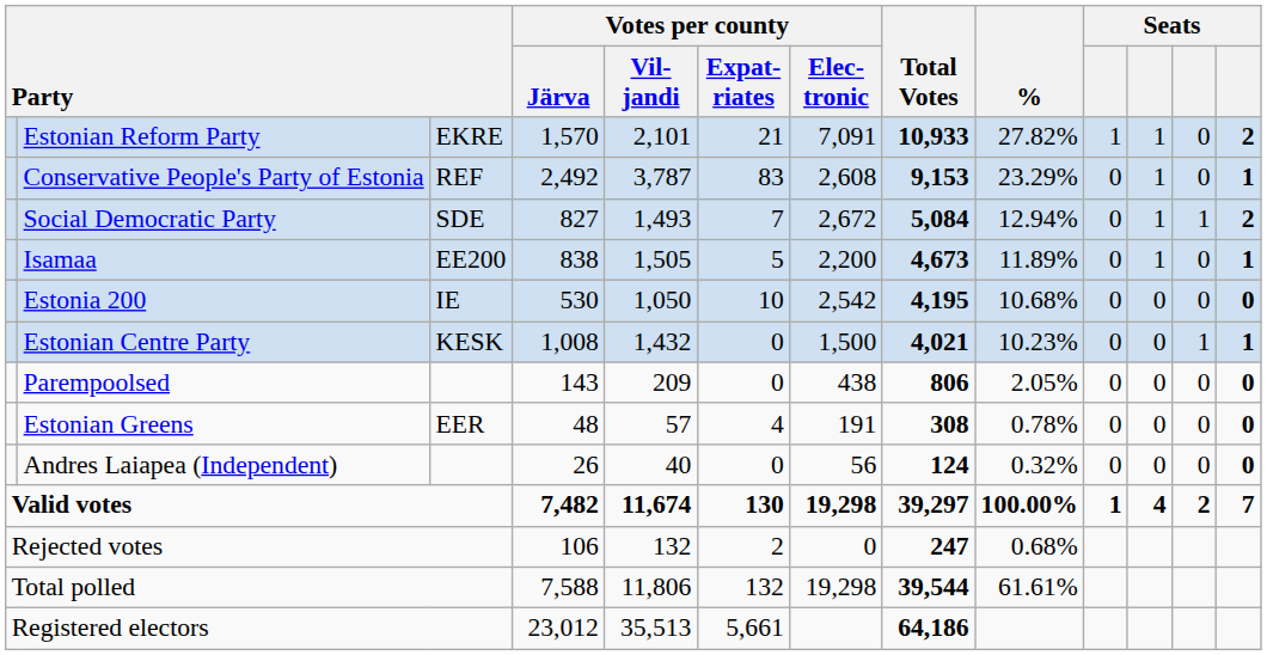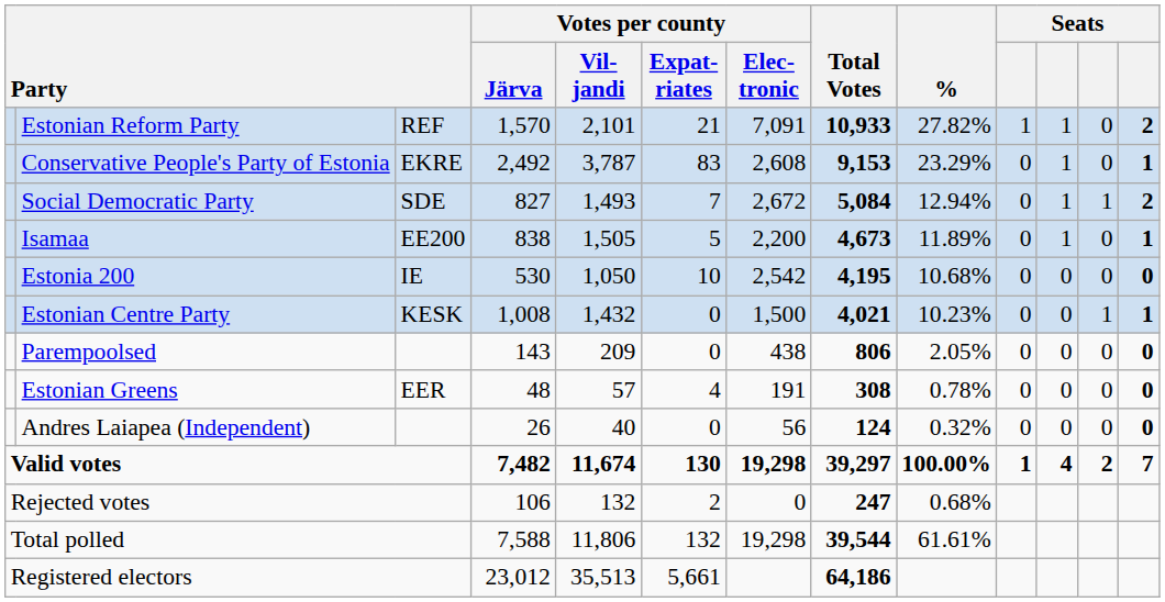 <table class="wikitable" border="1" style="text-align:right;">
 <tr>
 <th style="text-align:left;" valign=bottom rowspan=2 colspan=3>Party</th>
 <th colspan=4>Votes per county</th>
 <th align=center valign=bottom rowspan=2 width="50">Total Votes</th>
 <th align=center valign=bottom rowspan=2 width="50">%</th>
 <th colspan=4>Seats</th>
 </tr>
 <tr>
 <th align=center valign=bottom width="50"><a href='#'>Järva</a></th>
 <th align=center valign=bottom width="50"><a href='#'>Vil- jandi</a></th>
 <th align=center valign=bottom width="50"><a href='#'>Expat- riates</a></th>
 <th align=center valign=bottom width="50"><a href='#'>Elec- tronic</a></th>
 <th align=center valign=bottom width="20"><small></small></th>
 <th align=center valign=bottom width="20"><small></small></th>
 <th align=center valign=bottom width="20"><small></small></th>
 <th align=center valign=bottom width="20"><small></small></th>
 </tr>
 <tr style="background:#CEE0F2;">
 <td style="background:"></td>
 <td align=left><a href='#'>Estonian Reform Party</a></td>
-<td align=left>EKRE</td>
+<td align=left>REF</td>
 <td>1,570</td>
 <td>2,101</td>
 <td>21</td>
 <td>7,091</td>
 <td><strong>10,933</strong></td>
 <td>27.82%</td>
 <td>1</td>
 <td>1</td>
 <td>0</td>
 <td><strong>2</strong></td>
 </tr>
 <tr style="background:#CEE0F2;">
 <td style="background:"></td>
 <td align=left><a href='#'>Conservative People's Party of Estonia</a></td>
-<td align=left>REF</td>
+<td align=left>EKRE</td>
 <td>2,492</td>
 <td>3,787</td>
 <td>83</td>
 <td>2,608</td>
 <td><strong>9,153</strong></td>
 <td>23.29%</td>
 <td>0</td>
 <td>1</td>
 <td>0</td>
 <td><strong>1</strong></td>
 </tr>
 <tr style="background:#CEE0F2;">
 <td style="background:"></td>
 <td align=left><a href='#'>Social Democratic Party</a></td>
 <td align=left>SDE</td>
 <td>827</td>
 <td>1,493</td>
 <td>7</td>
 <td>2,672</td>
 <td><strong>5,084</strong></td>
 <td>12.94%</td>
 <td>0</td>
 <td>1</td>
 <td>1</td>
 <td><strong>2</strong></td>
 </tr>
 <tr style="background:#CEE0F2;">
 <td style="background:"></td>
 <td align=left><a href='#'>Isamaa</a></td>
 <td align=left>EE200</td>
 <td>838</td>
 <td>1,505</td>
 <td>5</td>
 <td>2,200</td>
 <td><strong>4,673</strong></td>
 <td>11.89%</td>
 <td>0</td>
 <td>1</td>
 <td>0</td>
 <td><strong>1</strong></td>
 </tr>
 <tr style="background:#CEE0F2;">
 <td style="background:"></td>
 <td align=left><a href='#'>Estonia 200</a></td>
 <td align=left>IE</td>
 <td>530</td>
 <td>1,050</td>
 <td>10</td>
 <td>2,542</td>
 <td><strong>4,195</strong></td>
 <td>10.68%</td>
 <td>0</td>
 <td>0</td>
 <td>0</td>
 <td><strong>0</strong></td>
 </tr>
 <tr style="background:#CEE0F2;">
 <td style="background:"></td>
 <td align=left><a href='#'>Estonian Centre Party</a></td>
 <td align=left>KESK</td>
 <td>1,008</td>
 <td>1,432</td>
 <td>0</td>
 <td>1,500</td>
 <td><strong>4,021</strong></td>
 <td>10.23%</td>
 <td>0</td>
 <td>0</td>
 <td>1</td>
 <td><strong>1</strong></td>
 </tr>
 <tr>
 <td style="background:"></td>
 <td align=left><a href='#'>Parempoolsed</a></td>
 <td align=left></td>
 <td>143</td>
 <td>209</td>
 <td>0</td>
 <td>438</td>
 <td><strong>806</strong></td>
 <td>2.05%</td>
 <td>0</td>
 <td>0</td>
 <td>0</td>
 <td><strong>0</strong></td>
 </tr>
 <tr>
 <td style="background:"></td>
 <td align=left><a href='#'>Estonian Greens</a></td>
 <td align=left>EER</td>
 <td>48</td>
 <td>57</td>
 <td>4</td>
 <td>191</td>
 <td><strong>308</strong></td>
 <td>0.78%</td>
 <td>0</td>
 <td>0</td>
 <td>0</td>
 <td><strong>0</strong></td>
 </tr>
 <tr>
 <td style="background:"></td>
 <td align=left>Andres Laiapea (<a href='#'>Independent</a>)</td>
 <td></td>
 <td>26</td>
 <td>40</td>
 <td>0</td>
 <td>56</td>
 <td><strong>124</strong></td>
 <td>0.32%</td>
 <td>0</td>
 <td>0</td>
 <td>0</td>
 <td><strong>0</strong></td>
 </tr>
 <tr style="font-weight:bold">
 <td align=left colspan=3>Valid votes</td>
 <td>7,482</td>
 <td>11,674</td>
 <td>130</td>
 <td>19,298</td>
 <td>39,297</td>
 <td>100.00%</td>
 <td>1</td>
 <td>4</td>
 <td>2</td>
 <td>7</td>
 </tr>
 <tr>
 <td align=left colspan=3>Rejected votes</td>
 <td>106</td>
 <td>132</td>
 <td>2</td>
 <td>0</td>
 <td><strong>247</strong></td>
 <td>0.68%</td>
 <td></td>
 <td></td>
 <td></td>
 <td></td>
 </tr>
 <tr>
 <td align=left colspan=3>Total polled</td>
 <td>7,588</td>
 <td>11,806</td>
 <td>132</td>
 <td>19,298</td>
 <td><strong>39,544</strong></td>
 <td>61.61%</td>
 <td></td>
 <td></td>
 <td></td>
 <td></td>
 </tr>
 <tr>
 <td align=left colspan=3>Registered electors</td>
 <td>23,012</td>
 <td>35,513</td>
 <td>5,661</td>
 <td></td>
 <td><strong>64,186</strong></td>
 <td></td>
 <td></td>
 <td></td>
 <td></td>
 <td></td>
 </tr>
 </table>
